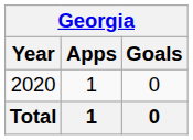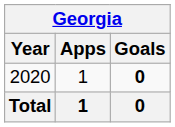 <table class="wikitable" style="text-align:center">
 <tr>
 <th colspan=3><a href='#'>Georgia</a></th>
 </tr>
 <tr>
 <th>Year</th>
 <th>Apps</th>
 <th>Goals</th>
 </tr>
 <tr>
 <td>2020</td>
 <td>1</td>
-<td>0</td>
+<td><strong>0</strong></td>
 </tr>
 <tr>
 <th>Total</th>
 <th>1</th>
 <th>0</th>
 </tr>
 </table>
